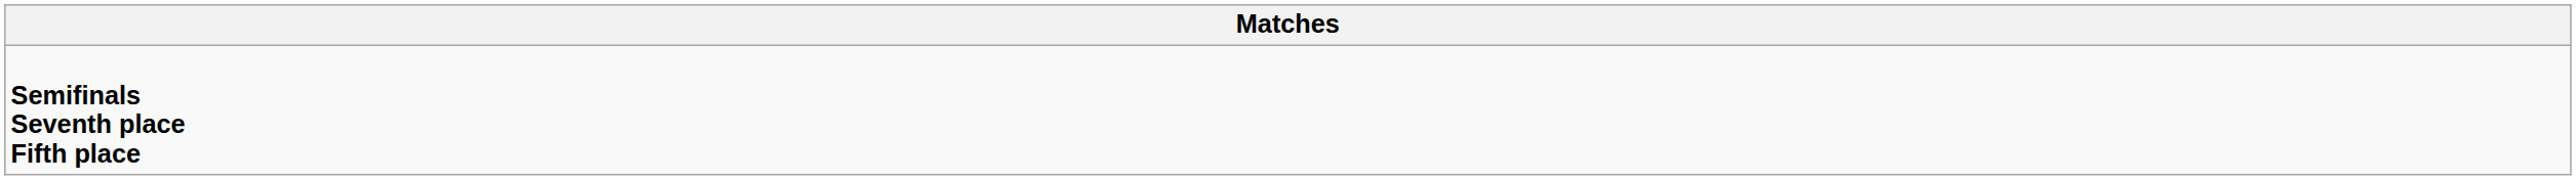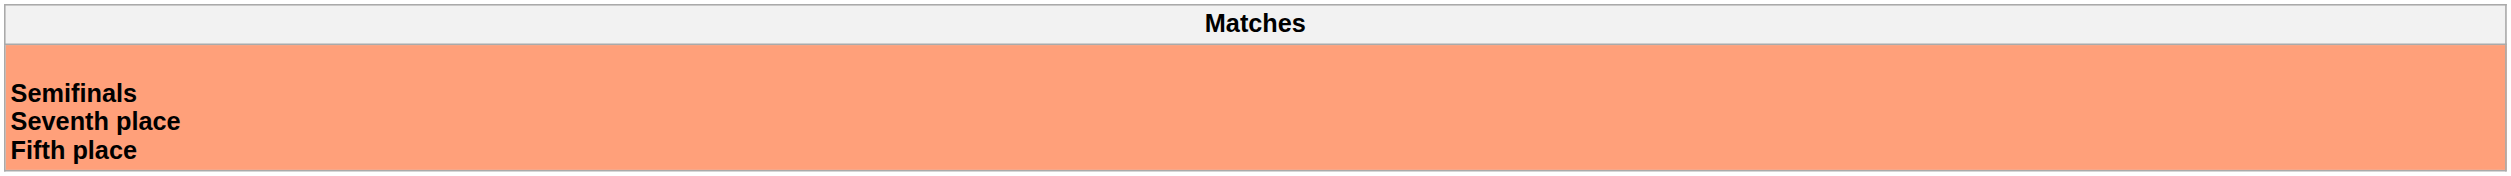 <table class="wikitable collapsible collapsed" style="width:100%;">
 <tr>
 <th>Matches</th>
 </tr>
 <tr>
-<td><br><strong>Semifinals</strong>  <br><strong>Seventh place</strong> <br><strong>Fifth place</strong> </td>
+<td style="background: lightsalmon;"><br><strong>Semifinals</strong>  <br><strong>Seventh place</strong> <br><strong>Fifth place</strong> </td>
 </tr>
 </table>
